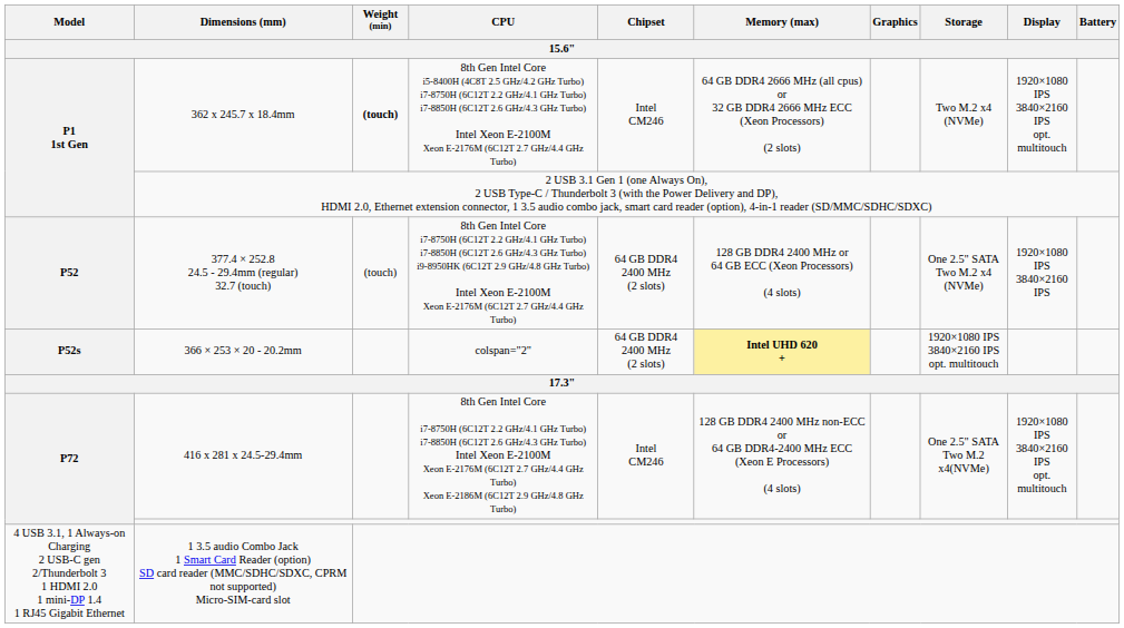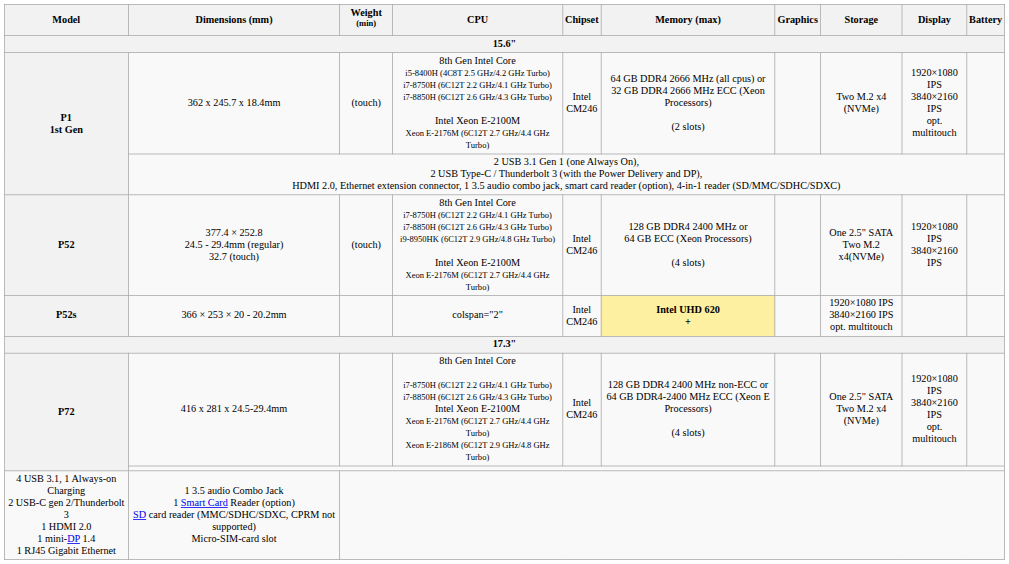 <table class="wikitable" style="font-size: 80%; text-align: center; min-width: 80%;">
 <tr>
 <th>Model</th>
 <th>Dimensions (mm)</th>
 <th>Weight <sup>(min)</sup></th>
 <th style="width:17%">CPU</th>
 <th>Chipset</th>
 <th>Memory (max)</th>
 <th>Graphics</th>
 <th>Storage</th>
 <th>Display</th>
 <th>Battery</th>
 </tr>
 <tr>
 <th colspan="10">15.6"</th>
 </tr>
 <tr>
 <th rowspan="2">P1<br>1st Gen</th>
 <td>362 x 245.7 x 18.4mm</td>
-<td><strong> (touch)</strong></td>
+<td> (touch)</td>
 <td style="background:">8th Gen Intel Core<br><small> i5-8400H (4C8T 2.5 GHz/4.2 GHz Turbo)<br> i7-8750H (6C12T 2.2 GHz/4.1 GHz Turbo)<br> i7-8850H (6C12T 2.6 GHz/4.3 GHz Turbo)<br></small><br>Intel Xeon E-2100M <br><small> Xeon E-2176M (6C12T 2.7 GHz/4.4 GHz Turbo)</small></td>
 <td>Intel<br>CM246</td>
 <td style="background:">64 GB DDR4 2666 MHz (all cpus) or<br>32 GB DDR4 2666 MHz ECC (Xeon Processors)<br><br>(2 slots)</td>
 <td></td>
 <td style="background:">Two M.2 x4 (NVMe)</td>
 <td style="background:">1920×1080 IPS<br>3840×2160 IPS<br>opt. multitouch</td>
 <td></td>
 </tr>
 <tr>
 <td colspan="9">2 USB 3.1 Gen 1 (one Always On),<br>2 USB Type-C / Thunderbolt 3 (with the Power Delivery and DP),<br>HDMI 2.0, Ethernet extension connector, 1 3.5 audio combo jack, smart card reader (option), 4-in-1 reader (SD/MMC/SDHC/SDXC)</td>
 </tr>
 <tr>
 <th rowspan="1">P52</th>
 <td>377.4 × 252.8<br>24.5 - 29.4mm (regular) <br>32.7 (touch)</td>
 <td> (touch)</td>
 <td style="background:">8th Gen Intel Core<br><small> i7-8750H (6C12T 2.2 GHz/4.1 GHz Turbo)<br> i7-8850H (6C12T 2.6 GHz/4.3 GHz Turbo)<br>i9-8950HK (6C12T 2.9 GHz/4.8 GHz Turbo)<br></small><br>Intel Xeon E-2100M <br><small> Xeon E-2176M (6C12T 2.7 GHz/4.4 GHz Turbo)</small></td>
-<td style="background:">64 GB DDR4 2400 MHz<br>(2 slots)</td>
+<td>Intel<br>CM246</td>
 <td style="background:">128 GB DDR4 2400 MHz or<br>64 GB ECC (Xeon Processors)<br><br> (4 slots)</td>
 <td></td>
-<td style="background:">One 2.5" SATA<br>Two M.2 x4 (NVMe)</td>
+<td style="background:">One 2.5" SATA<br>Two M.2 x4(NVMe)</td>
 <td style="background:">1920×1080 IPS<br>3840×2160 IPS</td>
 <td></td>
 </tr>
 <tr>
 <th rowspan="1">P52s</th>
 <td>366 × 253 × 20 - 20.2mm</td>
 <td></td>
 <td>colspan="2" </td>
-<td style="background:">64 GB DDR4 2400 MHz<br>(2 slots)</td>
+<td>Intel<br>CM246</td>
 <td style="background:#fdf1a1;"><strong>Intel UHD 620 <br>+</strong></td>
 <td></td>
 <td style="background:">1920×1080 IPS<br>3840×2160 IPS<br>opt. multitouch</td>
 <td></td>
 </tr>
 <tr>
 <th colspan="10">17.3"</th>
 </tr>
 <tr>
 <th rowspan="2">P72</th>
 <td>416 x 281 x 24.5-29.4mm</td>
 <td></td>
 <td style="background:">8th Gen Intel Core<br><br><small> i7-8750H (6C12T 2.2 GHz/4.1 GHz Turbo)<br> i7-8850H (6C12T 2.6 GHz/4.3 GHz Turbo)<br></small> Intel Xeon E-2100M<br> <small> Xeon E-2176M (6C12T 2.7 GHz/4.4 GHz Turbo)<br> Xeon E-2186M (6C12T 2.9 GHz/4.8 GHz Turbo)<br></small></td>
 <td>Intel<br>CM246</td>
 <td style="background:">128 GB DDR4 2400 MHz non-ECC or<br>64 GB DDR4-2400 MHz ECC (Xeon E Processors)<br><br>(4 slots)</td>
 <td></td>
-<td style="background:">One 2.5" SATA<br>Two M.2 x4(NVMe)</td>
+<td style="background:">One 2.5" SATA<br>Two M.2 x4 (NVMe)</td>
 <td style="background:">1920×1080 IPS<br>3840×2160 IPS<br>opt. multitouch</td>
 <td></td>
 </tr>
 <tr>
 <td colspan="9"></td>
 </tr>
 <tr>
 <td>4 USB 3.1, 1 Always-on Charging<br> 2 USB-C gen 2/Thunderbolt 3<br> 1 HDMI 2.0<br> 1 mini-<a href='#'>DP</a> 1.4<br> 1 RJ45 Gigabit Ethernet<br></td>
 <td>1 3.5 audio Combo Jack<br> 1 <a href='#'>Smart Card</a> Reader (option)<br> <a href='#'>SD</a> card reader (MMC/SDHC/SDXC, CPRM not supported)<br> Micro-SIM-card slot<br>	</td>
 </tr>
 </table>
